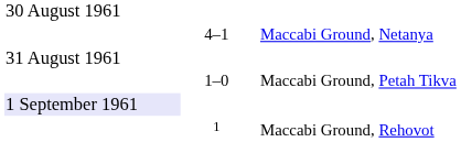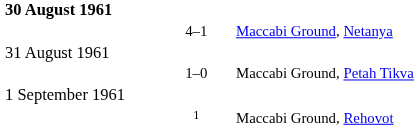 <table style="width:100%;" cellspacing="1">
 <tr>
 <th width=25%></th>
 <th width=10%></th>
 <th></th>
 </tr>
 <tr>
-<td>30 August 1961</td>
+<td><strong>30 August 1961</strong></td>
 </tr>
 <tr>
 </tr>
 <tr style=font-size:90%>
 <td align=right></td>
 <td align=center>4–1</td>
 <td></td>
 <td><a href='#'>Maccabi Ground</a>, <a href='#'>Netanya</a></td>
 </tr>
 <tr>
 <td>31 August 1961</td>
 </tr>
 <tr style=font-size:90%>
 <td align=right></td>
 <td align=center>1–0</td>
 <td></td>
 <td>Maccabi Ground, <a href='#'>Petah Tikva</a></td>
 </tr>
 <tr>
-<td style="background: lavender;">1 September 1961</td>
+<td>1 September 1961</td>
 </tr>
 <tr style=font-size:90%>
 <td align=right></td>
 <td align=center><sup>1</sup></td>
 <td></td>
 <td>Maccabi Ground, <a href='#'>Rehovot</a></td>
 </tr>
 </table>
